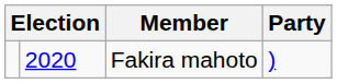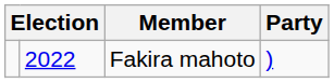 <table class="wikitable">
 <tr>
 <th colspan="2">Election</th>
 <th>Member</th>
 <th>Party</th>
 </tr>
 <tr>
 <td style="background-color:"></td>
-<td><a href='#'>2020</a></td>
+<td><a href='#'>2022</a></td>
 <td>Fakira mahoto</td>
 <td><a href='#'>)</a></td>
 </tr>
 </table>
